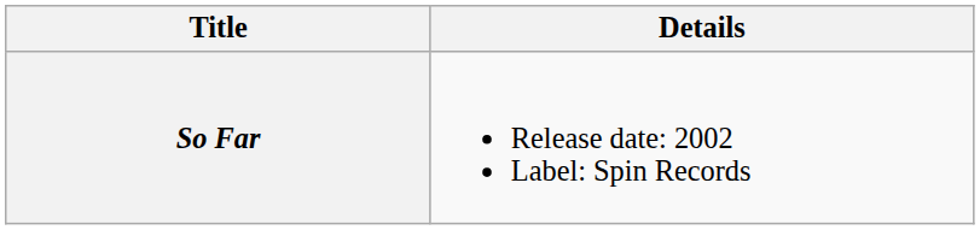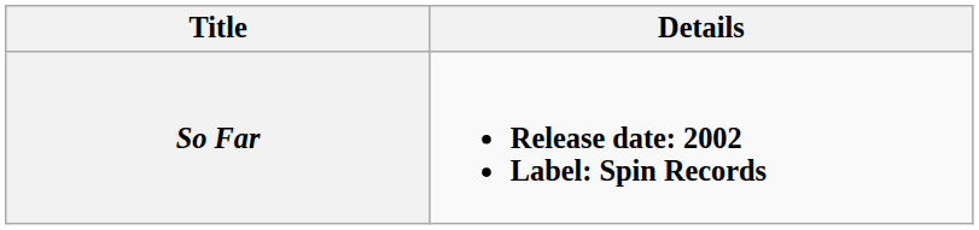 <table class="wikitable plainrowheaders">
 <tr>
 <th style="width:14em;">Title</th>
 <th style="width:18em;">Details</th>
 </tr>
 <tr>
 <th scope="row"><em>So Far</em></th>
-<td><br><ul><li>Release date: 2002</li><li>Label: Spin Records</li></ul></td>
+<td><strong><br><ul><li>Release date: 2002</li><li>Label: Spin Records</li></ul></strong></td>
 </tr>
 </table>
